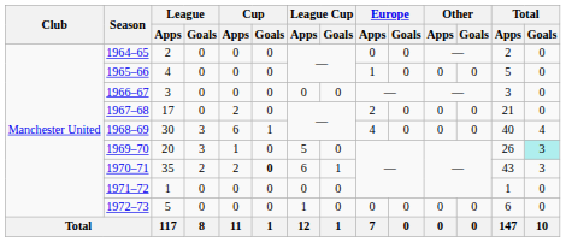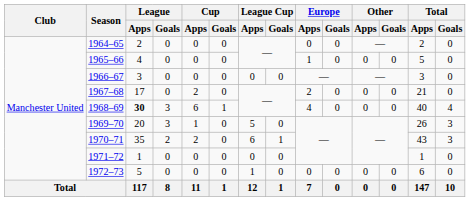 <table class="wikitable" style="text-align:center">
 <tr>
 <th rowspan="2">Club</th>
 <th rowspan="2">Season</th>
 <th colspan="2">League</th>
 <th colspan="2">Cup</th>
 <th colspan="2">League Cup</th>
 <th colspan="2"><a href='#'>Europe</a></th>
 <th colspan="2">Other</th>
 <th colspan="2">Total</th>
 </tr>
 <tr>
 <th>Apps</th>
 <th>Goals</th>
 <th>Apps</th>
 <th>Goals</th>
 <th>Apps</th>
 <th>Goals</th>
 <th>Apps</th>
 <th>Goals</th>
 <th>Apps</th>
 <th>Goals</th>
 <th>Apps</th>
 <th>Goals</th>
 </tr>
 <tr>
 <td rowspan="9"><a href='#'>Manchester United</a></td>
 <td><a href='#'>1964–65</a></td>
 <td>2</td>
 <td>0</td>
 <td>0</td>
 <td>0</td>
 <td rowspan="2" colspan="2">—</td>
 <td>0</td>
 <td>0</td>
 <td colspan="2">—</td>
 <td>2</td>
 <td>0</td>
 </tr>
 <tr>
 <td><a href='#'>1965–66</a></td>
 <td>4</td>
 <td>0</td>
 <td>0</td>
 <td>0</td>
 <td>1</td>
 <td>0</td>
 <td>0</td>
 <td>0</td>
 <td>5</td>
 <td>0</td>
 </tr>
 <tr>
 <td><a href='#'>1966–67</a></td>
 <td>3</td>
 <td>0</td>
 <td>0</td>
 <td>0</td>
 <td>0</td>
 <td>0</td>
 <td colspan="2">—</td>
 <td colspan="2">—</td>
 <td>3</td>
 <td>0</td>
 </tr>
 <tr>
 <td><a href='#'>1967–68</a></td>
 <td>17</td>
 <td>0</td>
 <td>2</td>
 <td>0</td>
 <td rowspan="2" colspan="2">—</td>
 <td>2</td>
 <td>0</td>
 <td>0</td>
 <td>0</td>
 <td>21</td>
 <td>0</td>
 </tr>
 <tr>
 <td><a href='#'>1968–69</a></td>
-<td>30</td>
+<td><strong>30</strong></td>
 <td>3</td>
 <td>6</td>
 <td>1</td>
 <td>4</td>
 <td>0</td>
 <td>0</td>
 <td>0</td>
 <td>40</td>
 <td>4</td>
 </tr>
 <tr>
 <td><a href='#'>1969–70</a></td>
 <td>20</td>
 <td>3</td>
 <td>1</td>
 <td>0</td>
 <td>5</td>
 <td>0</td>
 <td rowspan="3" colspan="2">—</td>
 <td rowspan="3" colspan="2">—</td>
 <td>26</td>
-<td style="background: paleturquoise;">3</td>
+<td>3</td>
 </tr>
 <tr>
 <td><a href='#'>1970–71</a></td>
 <td>35</td>
 <td>2</td>
 <td>2</td>
-<td><strong>0</strong></td>
+<td>0</td>
 <td>6</td>
 <td>1</td>
 <td>43</td>
 <td>3</td>
 </tr>
 <tr>
 <td><a href='#'>1971–72</a></td>
 <td>1</td>
 <td>0</td>
 <td>0</td>
 <td>0</td>
 <td>0</td>
 <td>0</td>
 <td>1</td>
 <td>0</td>
 </tr>
 <tr>
 <td><a href='#'>1972–73</a></td>
 <td>5</td>
 <td>0</td>
 <td>0</td>
 <td>0</td>
 <td>1</td>
 <td>0</td>
 <td>0</td>
 <td>0</td>
 <td>0</td>
 <td>0</td>
 <td>6</td>
 <td>0</td>
 </tr>
 <tr>
 <th colspan="2">Total</th>
 <th>117</th>
 <th>8</th>
 <th>11</th>
 <th>1</th>
 <th>12</th>
 <th>1</th>
 <th>7</th>
 <th>0</th>
 <th>0</th>
 <th>0</th>
 <th>147</th>
 <th>10</th>
 </tr>
 </table>
